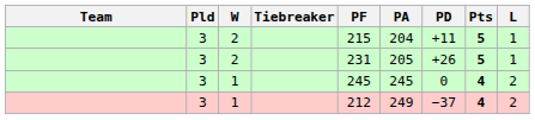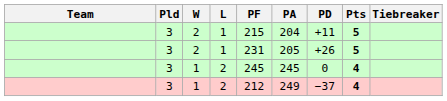 <table class="wikitable" style="text-align:center;">
 <tr>
 <th width=170>Team</th>
 <th width=25>Pld</th>
 <th width=25>W</th>
-<th width=50>Tiebreaker</th>
+<th width=25>L</th>
 <th width=35>PF</th>
 <th width=35>PA</th>
 <th width=35>PD</th>
 <th width=25>Pts</th>
-<th width=25>L</th>
+<th width=50>Tiebreaker</th>
 </tr>
 <tr bgcolor=ccffcc>
 <td align="left"></td>
 <td>3</td>
 <td>2</td>
-<td></td>
+<td>1</td>
 <td>215</td>
 <td>204</td>
 <td>+11</td>
 <td><strong>5</strong></td>
-<td>1</td>
+<td></td>
 </tr>
 <tr bgcolor=ccffcc>
 <td align="left"></td>
 <td>3</td>
 <td>2</td>
-<td></td>
+<td>1</td>
 <td>231</td>
 <td>205</td>
 <td>+26</td>
 <td><strong>5</strong></td>
-<td>1</td>
+<td></td>
 </tr>
 <tr bgcolor=ccffcc>
 <td align="left"></td>
 <td>3</td>
 <td>1</td>
-<td></td>
+<td>2</td>
 <td>245</td>
 <td>245</td>
 <td>0</td>
 <td><strong>4</strong></td>
-<td>2</td>
+<td></td>
 </tr>
 <tr bgcolor=ffcccc>
 <td align="left"></td>
 <td>3</td>
 <td>1</td>
-<td></td>
+<td>2</td>
 <td>212</td>
 <td>249</td>
 <td>−37</td>
 <td><strong>4</strong></td>
-<td>2</td>
+<td></td>
 </tr>
 </table>
